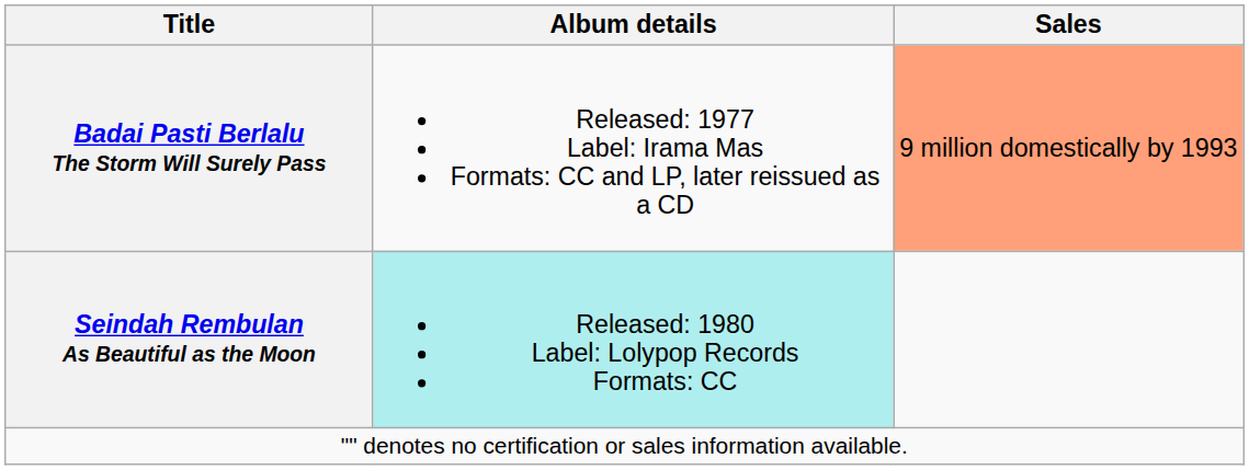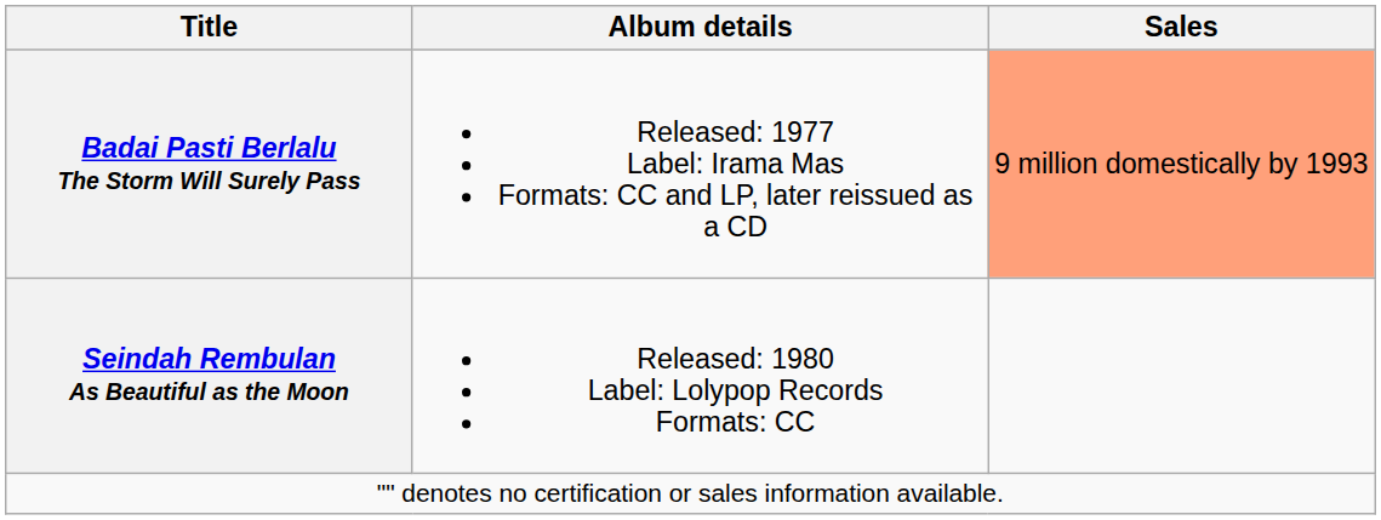 <table class="wikitable plainrowheaders" style="text-align:center;">
 <tr>
 <th scope="col" style="width:14em;">Title</th>
 <th scope="col" style="width:20em;">Album details</th>
 <th scope="col">Sales</th>
 </tr>
 <tr>
 <th scope="row"><em><a href='#'>Badai Pasti Berlalu</a></em><br><small><em>The Storm Will Surely Pass</em></small></th>
 <td><br><ul><li>Released: 1977</li><li>Label: Irama Mas</li><li>Formats:  CC and LP, later reissued as a CD</li></ul></td>
 <td style="background: lightsalmon;">9 million domestically by 1993</td>
 </tr>
 <tr>
 <th scope="row"><em><a href='#'>Seindah Rembulan</a></em><br><small><em>As Beautiful as the Moon</em></small></th>
-<td style="background: paleturquoise;"><br><ul><li>Released: 1980</li><li>Label: Lolypop Records</li><li>Formats:  CC</li></ul></td>
+<td><br><ul><li>Released: 1980</li><li>Label: Lolypop Records</li><li>Formats:  CC</li></ul></td>
 <td></td>
 </tr>
 <tr>
 <td colspan="4" style="font-size:90%">"" denotes no certification or sales information available.</td>
 </tr>
 </table>
